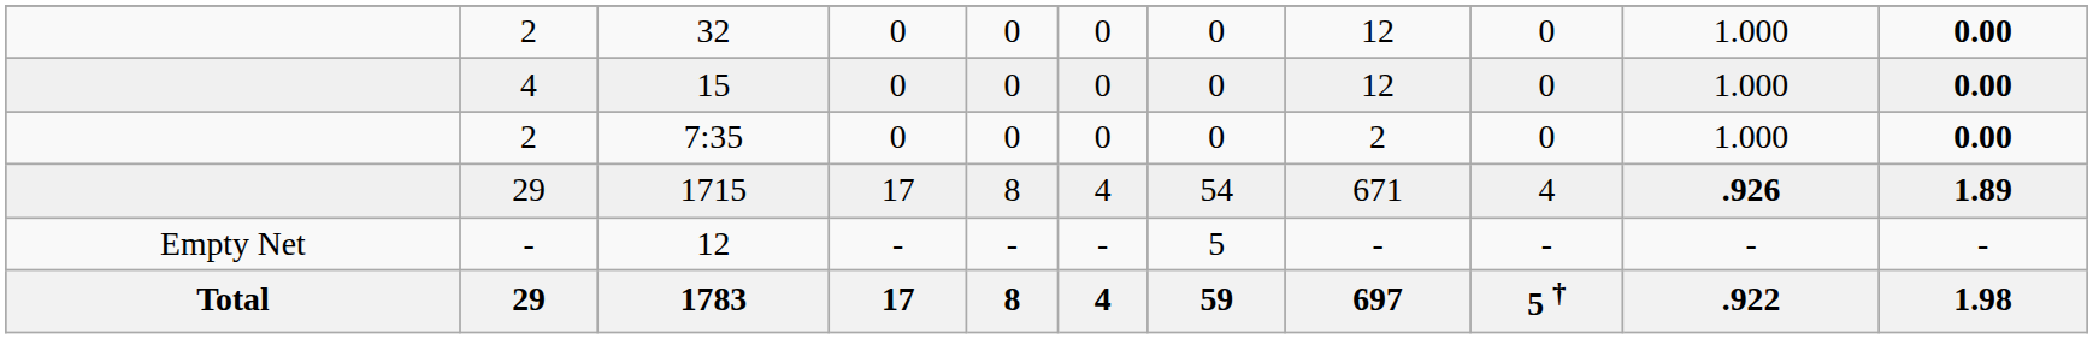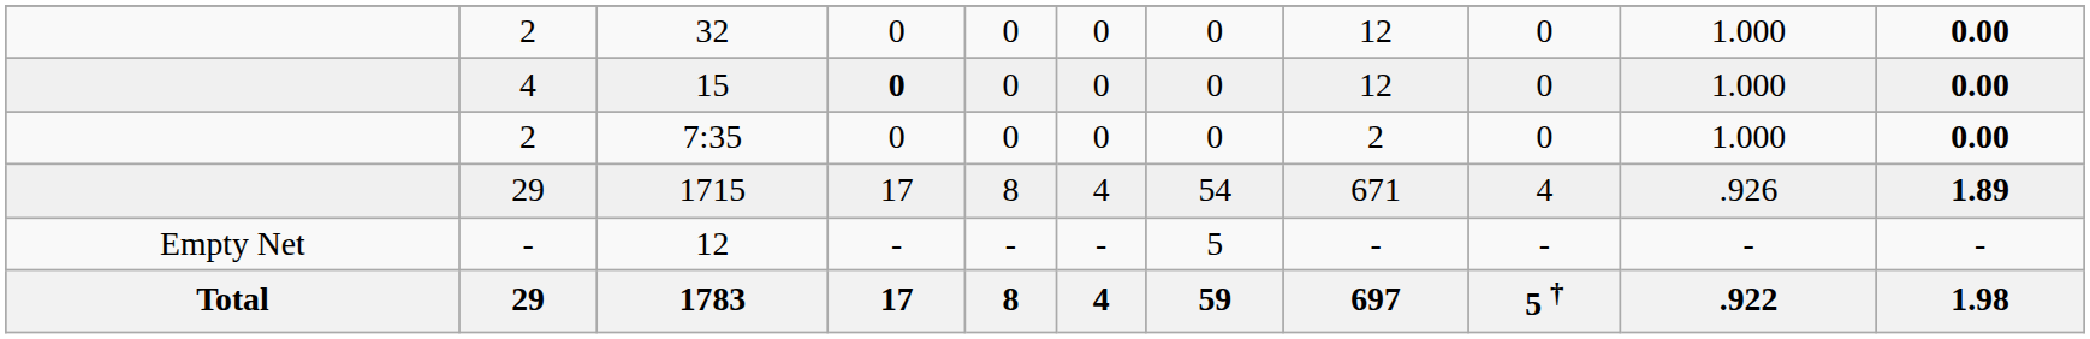 <table class="wikitable sortable" width ="1000">
 <tr align="center">
 </tr>
 <tr align="center" bgcolor="">
 <td></td>
 <td>2</td>
 <td>32</td>
 <td>0</td>
 <td>0</td>
 <td>0</td>
 <td>0</td>
 <td>12</td>
 <td>0</td>
 <td>1.000</td>
 <td><strong>0.00</strong></td>
 </tr>
 <tr align="center" bgcolor="f0f0f0">
 <td></td>
 <td>4</td>
 <td>15</td>
-<td>0</td>
+<td><strong>0</strong></td>
 <td>0</td>
 <td>0</td>
 <td>0</td>
 <td>12</td>
 <td>0</td>
 <td>1.000</td>
 <td><strong>0.00</strong></td>
 </tr>
 <tr align="center" bgcolor="">
 <td></td>
 <td>2</td>
 <td>7:35</td>
 <td>0</td>
 <td>0</td>
 <td>0</td>
 <td>0</td>
 <td>2</td>
 <td>0</td>
 <td>1.000</td>
 <td><strong>0.00</strong></td>
 </tr>
 <tr align="center" bgcolor="f0f0f0">
 <td></td>
 <td>29</td>
 <td>1715</td>
 <td>17</td>
 <td>8</td>
 <td>4</td>
 <td>54</td>
 <td>671</td>
 <td>4</td>
-<td><strong>.926</strong></td>
+<td>.926</td>
 <td><strong>1.89</strong></td>
 </tr>
 <tr align="center" bgcolor="">
 <td>Empty Net</td>
 <td>-</td>
 <td>12</td>
 <td>-</td>
 <td>-</td>
 <td>-</td>
 <td>5</td>
 <td>-</td>
 <td>-</td>
 <td>-</td>
 <td>-</td>
 </tr>
 <tr>
 <th>Total</th>
 <th>29</th>
 <th>1783</th>
 <th>17</th>
 <th>8</th>
 <th>4</th>
 <th>59</th>
 <th>697</th>
 <th>5 <sup>†</sup></th>
 <th>.922</th>
 <th>1.98</th>
 </tr>
 </table>
